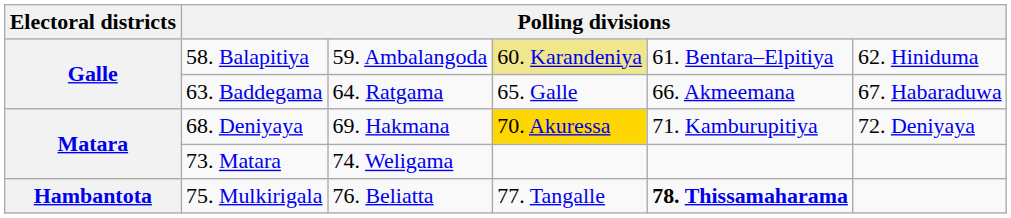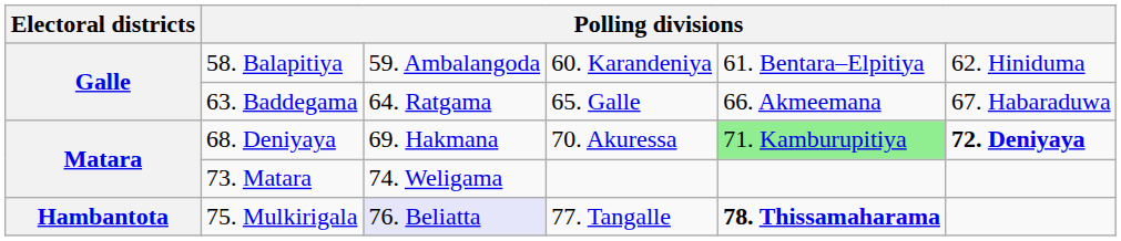 <table class="wikitable" style="font-size:100; text-align:left">
 <tr>
 <th rowspan="1">Electoral districts</th>
 <th colspan="5">Polling divisions</th>
 </tr>
 <tr>
 <th rowspan="2"><a href='#'>Galle</a></th>
 <td>58. <a href='#'>Balapitiya</a></td>
 <td>59. <a href='#'>Ambalangoda</a></td>
-<td style="background: khaki;">60. <a href='#'>Karandeniya</a></td>
+<td>60. <a href='#'>Karandeniya</a></td>
 <td>61. <a href='#'>Bentara–Elpitiya</a></td>
 <td>62. <a href='#'>Hiniduma</a></td>
 </tr>
 <tr>
 <td>63. <a href='#'>Baddegama</a></td>
 <td>64. <a href='#'>Ratgama</a></td>
 <td>65. <a href='#'>Galle</a></td>
 <td>66. <a href='#'>Akmeemana</a></td>
 <td>67. <a href='#'>Habaraduwa</a></td>
 </tr>
 <tr>
 <th rowspan="2"><a href='#'>Matara</a></th>
 <td>68. <a href='#'>Deniyaya</a></td>
 <td>69. <a href='#'>Hakmana</a></td>
-<td style="background: gold;">70. <a href='#'>Akuressa</a></td>
-<td>71. <a href='#'>Kamburupitiya</a></td>
-<td>72. <a href='#'>Deniyaya</a></td>
+<td>70. <a href='#'>Akuressa</a></td>
+<td style="background: lightgreen;">71. <a href='#'>Kamburupitiya</a></td>
+<td><strong>72. <a href='#'>Deniyaya</a></strong></td>
 </tr>
 <tr>
 <td>73. <a href='#'>Matara</a></td>
 <td>74. <a href='#'>Weligama</a></td>
 <td></td>
 <td></td>
 <td></td>
 </tr>
 <tr>
 <th rowspan="1"><a href='#'>Hambantota</a></th>
 <td>75. <a href='#'>Mulkirigala</a></td>
-<td>76. <a href='#'>Beliatta</a></td>
+<td style="background: lavender;">76. <a href='#'>Beliatta</a></td>
 <td>77. <a href='#'>Tangalle</a></td>
 <td><strong>78. <a href='#'>Thissamaharama</a></strong></td>
 <td></td>
 </tr>
 </table>
